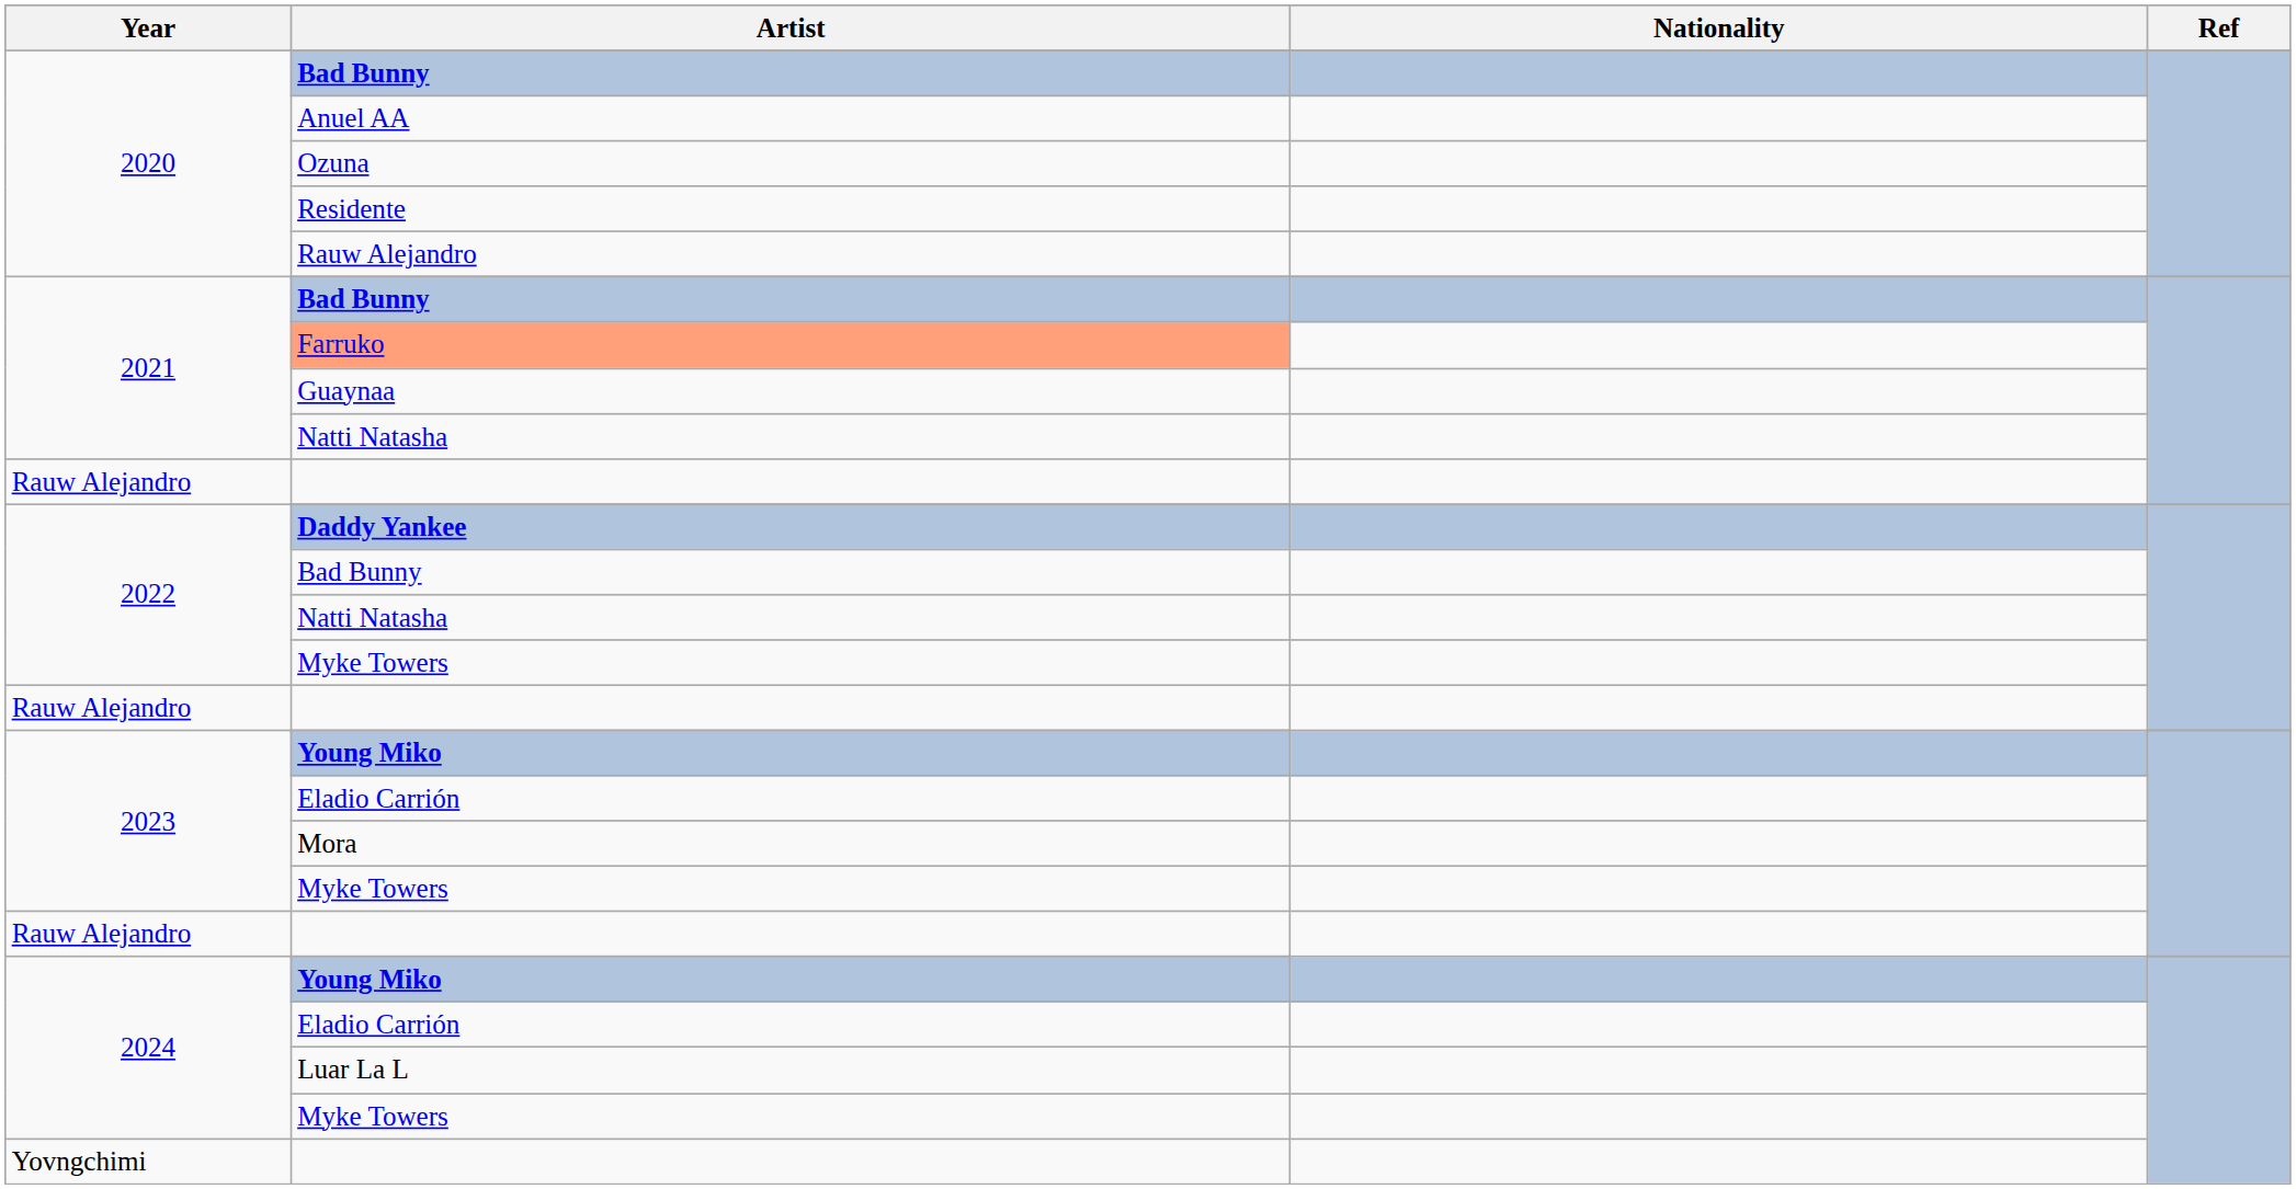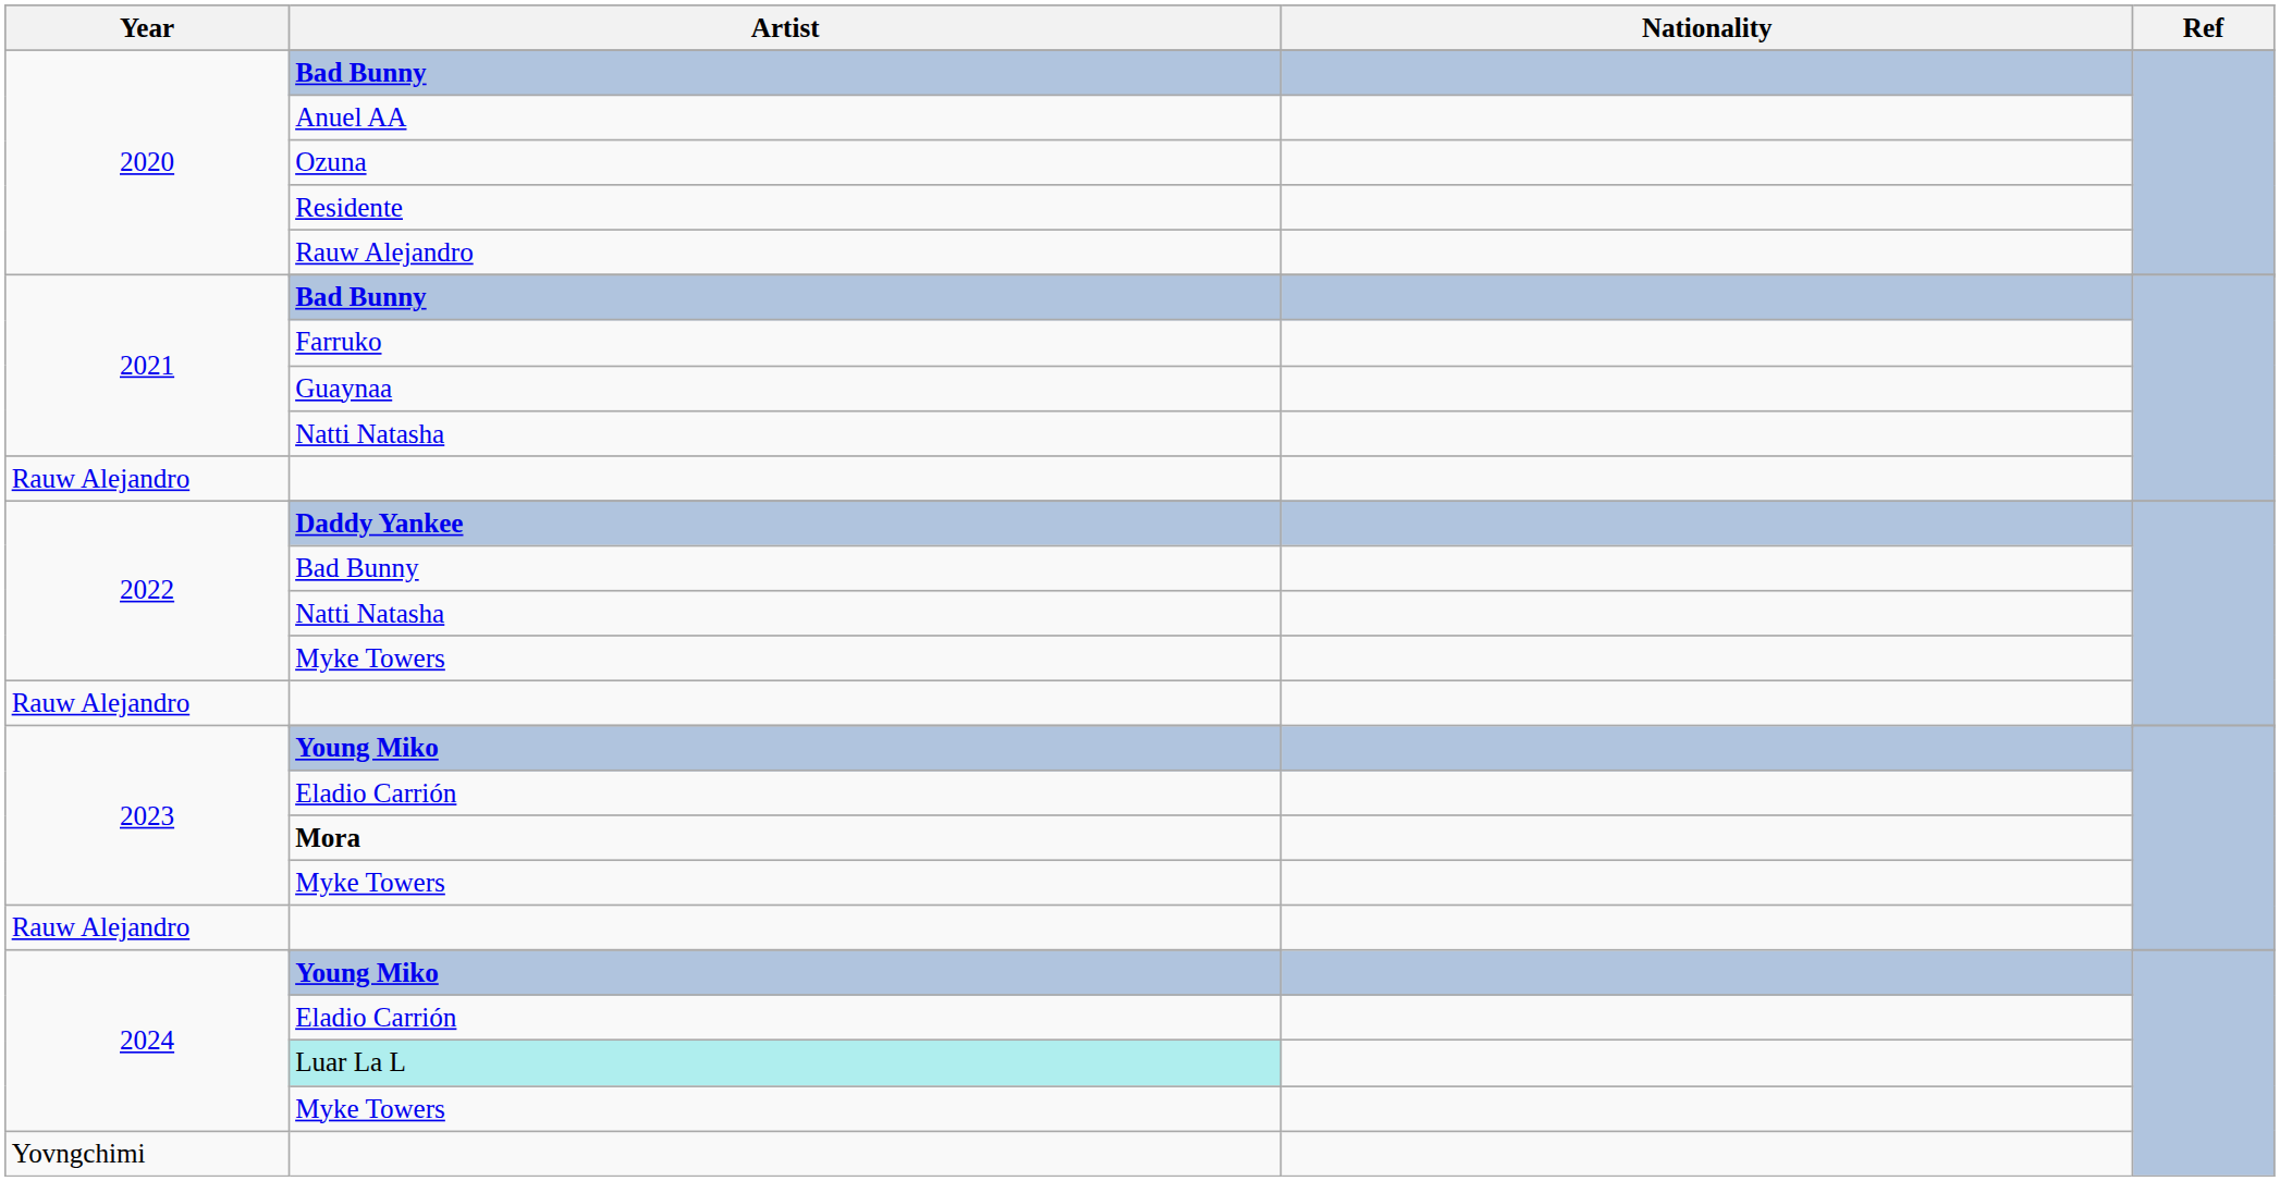 <table class="wikitable sortable plainrowheaders" style="font-size:95%; width:100%;">
 <tr style="background:#bebebe;">
 <th style="width:10%;">Year</th>
 <th style="width:35%;">Artist</th>
 <th style="width:30%;">Nationality</th>
 <th style="width:5%;">Ref</th>
 </tr>
 <tr>
 <td rowspan="6" align="center"><a href='#'>2020</a></td>
 </tr>
 <tr style="background:#B0C4DE">
 <td><strong><a href='#'>Bad Bunny</a></strong></td>
 <td><strong></strong></td>
 <td rowspan="6" align="center"></td>
 </tr>
 <tr>
 <td><a href='#'>Anuel AA</a></td>
 <td></td>
 </tr>
 <tr>
 <td><a href='#'>Ozuna</a></td>
 <td></td>
 </tr>
 <tr>
 <td><a href='#'>Residente</a></td>
 <td></td>
 </tr>
 <tr>
 <td><a href='#'>Rauw Alejandro</a></td>
 <td></td>
 </tr>
 <tr>
 <td rowspan="6" align="center"><a href='#'>2021</a></td>
 </tr>
 <tr>
 </tr>
 <tr style="background:#B0C4DE">
 <td><strong><a href='#'>Bad Bunny</a></strong></td>
 <td><strong></strong></td>
 <td rowspan="6" align="center"></td>
 </tr>
 <tr>
-<td style="background: lightsalmon;"><a href='#'>Farruko</a></td>
+<td><a href='#'>Farruko</a></td>
 <td></td>
 </tr>
 <tr>
 <td><a href='#'>Guaynaa</a></td>
 <td></td>
 </tr>
 <tr>
 <td><a href='#'>Natti Natasha</a></td>
 <td></td>
 </tr>
 <tr>
 <td><a href='#'>Rauw Alejandro</a></td>
 <td></td>
 </tr>
 <tr>
 <td rowspan="6" align="center"><a href='#'>2022</a></td>
 </tr>
 <tr>
 </tr>
 <tr style="background:#B0C4DE">
 <td><strong><a href='#'>Daddy Yankee</a></strong></td>
 <td><strong></strong></td>
 <td rowspan="6" align="center"></td>
 </tr>
 <tr>
 <td><a href='#'>Bad Bunny</a></td>
 <td></td>
 </tr>
 <tr>
 <td><a href='#'>Natti Natasha</a></td>
 <td></td>
 </tr>
 <tr>
 <td><a href='#'>Myke Towers</a></td>
 <td></td>
 </tr>
 <tr>
 <td><a href='#'>Rauw Alejandro</a></td>
 <td></td>
 </tr>
 <tr>
 <td rowspan="6" align="center"><a href='#'>2023</a></td>
 </tr>
 <tr>
 </tr>
 <tr style="background:#B0C4DE">
 <td><strong><a href='#'>Young Miko</a></strong></td>
 <td><strong></strong></td>
 <td rowspan="5" style="background:#B0C4DE"></td>
 </tr>
 <tr>
 <td><a href='#'>Eladio Carrión</a></td>
 <td></td>
 </tr>
 <tr>
-<td>Mora</td>
+<td><strong>Mora</strong></td>
 <td></td>
 </tr>
 <tr>
 <td><a href='#'>Myke Towers</a></td>
 <td></td>
 </tr>
 <tr>
 <td><a href='#'>Rauw Alejandro</a></td>
 <td></td>
 </tr>
 <tr>
 <td rowspan="6" align="center"><a href='#'>2024</a></td>
 </tr>
 <tr>
 </tr>
 <tr style="background:#B0C4DE">
 <td><strong><a href='#'>Young Miko</a></strong></td>
 <td><strong></strong></td>
 <td rowspan="6" align="center"></td>
 </tr>
 <tr>
 <td><a href='#'>Eladio Carrión</a></td>
 <td></td>
 </tr>
 <tr>
-<td>Luar La L</td>
+<td style="background: paleturquoise;">Luar La L</td>
 <td></td>
 </tr>
 <tr>
 <td><a href='#'>Myke Towers</a></td>
 <td></td>
 </tr>
 <tr>
 <td>Yovngchimi</td>
 <td></td>
 </tr>
 </table>
